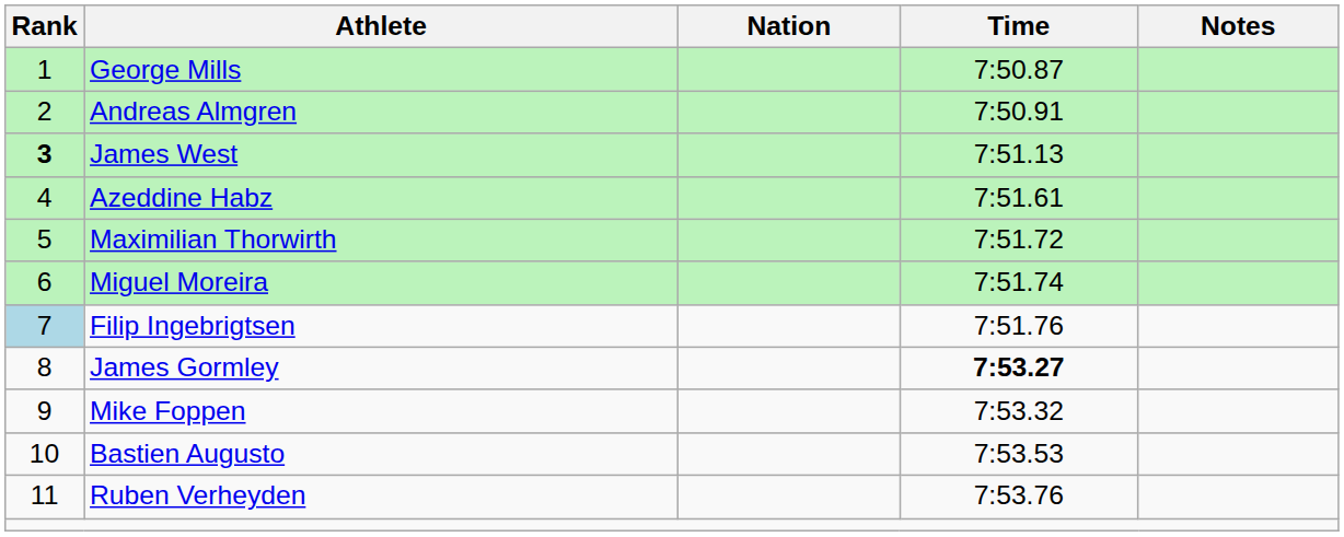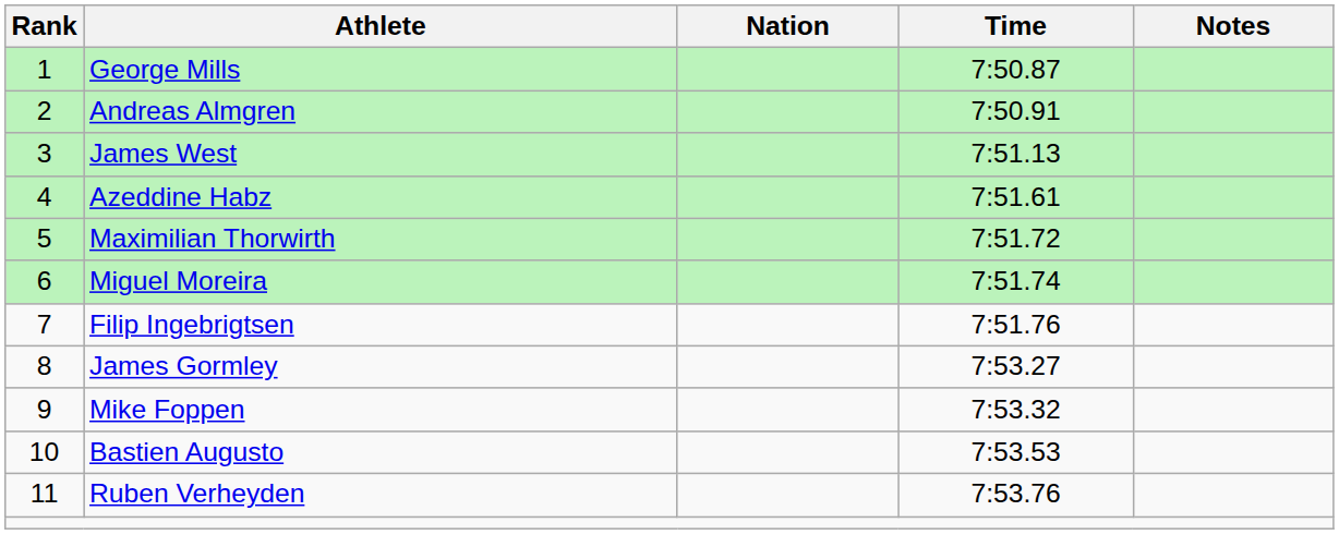 <table class="wikitable sortable" style="text-align:center;width: 50%;">
 <tr>
 <th scope="col" style="width: 10px;">Rank</th>
 <th scope="col">Athlete</th>
 <th scope="col">Nation</th>
 <th scope="col">Time</th>
 <th scope="col">Notes</th>
 </tr>
 <tr bgcolor=bbf3bb>
 <td>1</td>
 <td align=left><a href='#'>George Mills</a></td>
 <td align=left></td>
 <td>7:50.87</td>
 <td></td>
 </tr>
 <tr bgcolor=bbf3bb>
 <td>2</td>
 <td align=left><a href='#'>Andreas Almgren</a></td>
 <td align=left></td>
 <td>7:50.91</td>
 <td></td>
 </tr>
 <tr bgcolor=bbf3bb>
-<td><strong>3</strong></td>
+<td>3</td>
 <td align=left><a href='#'>James West</a></td>
 <td align=left></td>
 <td>7:51.13</td>
 <td></td>
 </tr>
 <tr bgcolor=bbf3bb>
 <td>4</td>
 <td align=left><a href='#'>Azeddine Habz</a></td>
 <td align=left></td>
 <td>7:51.61</td>
 <td></td>
 </tr>
 <tr bgcolor=bbf3bb>
 <td>5</td>
 <td align=left><a href='#'>Maximilian Thorwirth</a></td>
 <td align=left></td>
 <td>7:51.72</td>
 <td></td>
 </tr>
 <tr bgcolor=bbf3bb>
 <td>6</td>
 <td align=left><a href='#'>Miguel Moreira</a></td>
 <td align=left></td>
 <td>7:51.74</td>
 <td></td>
 </tr>
 <tr>
-<td style="background: lightblue;">7</td>
+<td>7</td>
 <td align=left><a href='#'>Filip Ingebrigtsen</a></td>
 <td align=left></td>
 <td>7:51.76</td>
 <td></td>
 </tr>
 <tr>
 <td>8</td>
 <td align=left><a href='#'>James Gormley</a></td>
 <td align=left></td>
-<td><strong>7:53.27</strong></td>
+<td>7:53.27</td>
 <td></td>
 </tr>
 <tr>
 <td>9</td>
 <td align=left><a href='#'>Mike Foppen</a></td>
 <td align=left></td>
 <td>7:53.32</td>
 <td></td>
 </tr>
 <tr>
 <td>10</td>
 <td align=left><a href='#'>Bastien Augusto</a></td>
 <td align=left></td>
 <td>7:53.53</td>
 <td></td>
 </tr>
 <tr>
 <td>11</td>
 <td align=left><a href='#'>Ruben Verheyden</a></td>
 <td align=left></td>
 <td>7:53.76</td>
 <td></td>
 </tr>
 <tr class="sortbottom">
 <td colspan="5"></td>
 </tr>
 </table>
